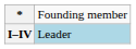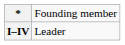 <table class="wikitable">
 <tr>
 <th>*</th>
 <td>Founding member</td>
 </tr>
 <tr>
 <th><strong>I–IV</strong></th>
-<td style="background: lightblue;">Leader</td>
+<td>Leader</td>
 </tr>
 </table>
